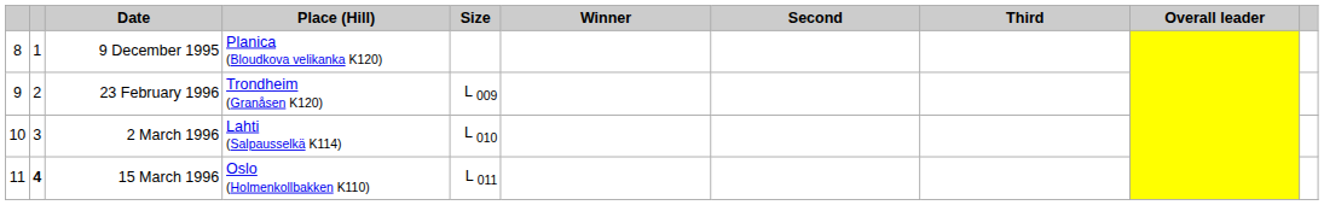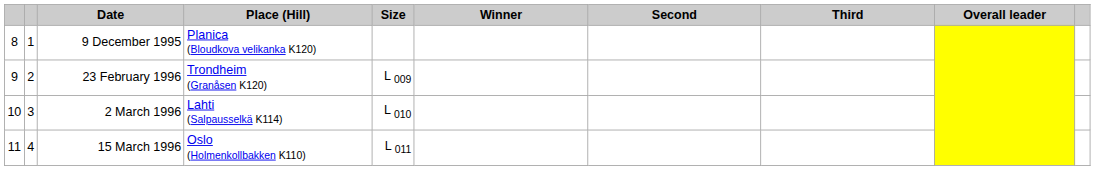 <table class="wikitable plainrowheaders" style="background:#fff; font-size:86%; line-height:16px; border:grey solid 1px; border-collapse:collapse;">
 <tr style="background:#ccc; text-align:center;">
 <th scope="col" style="background:#ccc; width=30 px;"></th>
 <th scope="col" style="background:#ccc; width=30 px;"></th>
 <th scope="col" style="background:#ccc; width:155px;">Date</th>
 <th scope="col" style="background:#ccc; width:200px;">Place (Hill)</th>
 <th scope="col" style="background:#ccc; width:40px;">Size</th>
 <th scope="col" style="background:#ccc; width:184px;">Winner</th>
 <th scope="col" style="background:#ccc; width:184px;">Second</th>
 <th scope="col" style="background:#ccc; width:184px;">Third</th>
 <th scope="col" style="background:#ccc; width:148px;">Overall leader</th>
 <th scope="col" style="background:#ccc; width:10px;"></th>
 </tr>
 <tr>
 <td align=center>8</td>
 <td align=center>1</td>
 <td align=right>9 December 1995</td>
 <td> <a href='#'>Planica</a><br><small>(<a href='#'>Bloudkova velikanka</a> K120)</small></td>
 <td align=right></td>
 <td></td>
 <td></td>
 <td></td>
 <td bgcolor=yellow rowspan=4></td>
 <td></td>
 </tr>
 <tr>
 <td align=center>9</td>
 <td align=center>2</td>
 <td align=right>23 February 1996</td>
 <td> <a href='#'>Trondheim</a><br><small>(<a href='#'>Granåsen</a> K120)</small></td>
 <td align=right>L <sub>009</sub></td>
 <td></td>
 <td></td>
 <td></td>
 <td></td>
 </tr>
 <tr>
 <td align=center>10</td>
 <td align=center>3</td>
 <td align=right>2 March 1996</td>
 <td> <a href='#'>Lahti</a><br><small>(<a href='#'>Salpausselkä</a> K114)</small></td>
 <td align=right>L <sub>010</sub></td>
 <td></td>
 <td></td>
 <td></td>
 <td></td>
 </tr>
 <tr>
 <td align=center>11</td>
-<td align=center><strong>4</strong></td>
+<td align=center>4</td>
 <td align=right>15 March 1996</td>
 <td> <a href='#'>Oslo</a><br><small>(<a href='#'>Holmenkollbakken</a> K110)</small></td>
 <td align=right>L <sub>011</sub></td>
 <td></td>
 <td></td>
 <td></td>
 <td></td>
 </tr>
 </table>
